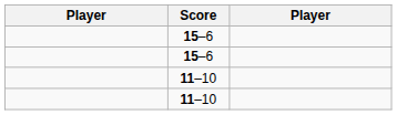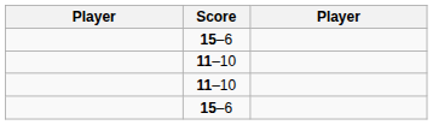 <table class="wikitable " style="font-size: 90%">
 <tr>
 <th width=170>Player</th>
 <th width=60>Score</th>
 <th width=170>Player</th>
-</tr>
-<tr>
-<td><strong></strong></td>
-<td align="center"><strong>15</strong>–6</td>
-<td></td>
 </tr>
 <tr>
 <td><strong></strong></td>
 <td align="center"><strong>15</strong>–6</td>
 <td></td>
 </tr>
 <tr>
 <td><strong></strong></td>
 <td align="center"><strong>11</strong>–10</td>
 <td></td>
 </tr>
 <tr>
 <td><strong></strong></td>
 <td align="center"><strong>11</strong>–10</td>
 <td></td>
 </tr>
+<tr>
+<td><strong></strong></td>
+<td align="center"><strong>15</strong>–6</td>
+<td></td>
+</tr>
 </table>
